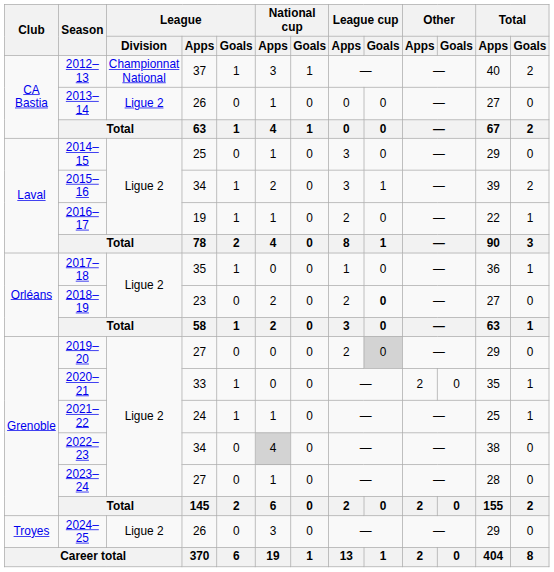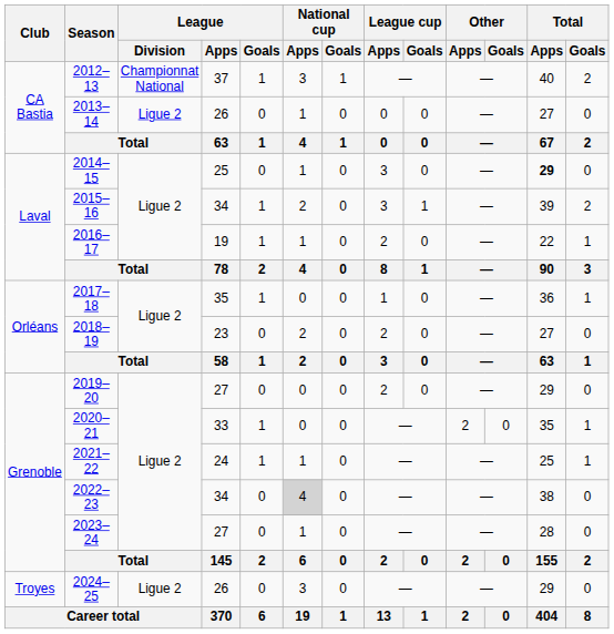 <table class="wikitable" style="text-align: center">
 <tr>
 <th rowspan="2">Club</th>
 <th rowspan="2">Season</th>
 <th colspan="3">League</th>
 <th colspan="2">National cup</th>
 <th colspan="2">League cup</th>
 <th colspan="2">Other</th>
 <th colspan="2">Total</th>
 </tr>
 <tr>
 <th>Division</th>
 <th>Apps</th>
 <th>Goals</th>
 <th>Apps</th>
 <th>Goals</th>
 <th>Apps</th>
 <th>Goals</th>
 <th>Apps</th>
 <th>Goals</th>
 <th>Apps</th>
 <th>Goals</th>
 </tr>
 <tr>
 <td rowspan="3"><a href='#'>CA Bastia</a></td>
 <td><a href='#'>2012–13</a></td>
 <td><a href='#'>Championnat National</a></td>
 <td>37</td>
 <td>1</td>
 <td>3</td>
 <td>1</td>
 <td colspan="2">—</td>
 <td colspan="2">—</td>
 <td>40</td>
 <td>2</td>
 </tr>
 <tr>
 <td><a href='#'>2013–14</a></td>
 <td><a href='#'>Ligue 2</a></td>
 <td>26</td>
 <td>0</td>
 <td>1</td>
 <td>0</td>
 <td>0</td>
 <td>0</td>
 <td colspan="2">—</td>
 <td>27</td>
 <td>0</td>
 </tr>
 <tr>
 <th colspan="2">Total</th>
 <th>63</th>
 <th>1</th>
 <th>4</th>
 <th>1</th>
 <th>0</th>
 <th>0</th>
 <th colspan="2">—</th>
 <th>67</th>
 <th>2</th>
 </tr>
 <tr>
 <td rowspan="4"><a href='#'>Laval</a></td>
 <td><a href='#'>2014–15</a></td>
 <td rowspan="3">Ligue 2</td>
 <td>25</td>
 <td>0</td>
 <td>1</td>
 <td>0</td>
 <td>3</td>
 <td>0</td>
 <td colspan="2">—</td>
-<td>29</td>
+<td><strong>29</strong></td>
 <td>0</td>
 </tr>
 <tr>
 <td><a href='#'>2015–16</a></td>
 <td>34</td>
 <td>1</td>
 <td>2</td>
 <td>0</td>
 <td>3</td>
 <td>1</td>
 <td colspan="2">—</td>
 <td>39</td>
 <td>2</td>
 </tr>
 <tr>
 <td><a href='#'>2016–17</a></td>
 <td>19</td>
 <td>1</td>
 <td>1</td>
 <td>0</td>
 <td>2</td>
 <td>0</td>
 <td colspan="2">—</td>
 <td>22</td>
 <td>1</td>
 </tr>
 <tr>
 <th colspan="2">Total</th>
 <th>78</th>
 <th>2</th>
 <th>4</th>
 <th>0</th>
 <th>8</th>
 <th>1</th>
 <th colspan="2">—</th>
 <th>90</th>
 <th>3</th>
 </tr>
 <tr>
 <td rowspan="3"><a href='#'>Orléans</a></td>
 <td><a href='#'>2017–18</a></td>
 <td rowspan="2">Ligue 2</td>
 <td>35</td>
 <td>1</td>
 <td>0</td>
 <td>0</td>
 <td>1</td>
 <td>0</td>
 <td colspan="2">—</td>
 <td>36</td>
 <td>1</td>
 </tr>
 <tr>
 <td><a href='#'>2018–19</a></td>
 <td>23</td>
 <td>0</td>
 <td>2</td>
 <td>0</td>
 <td>2</td>
-<td><strong>0</strong></td>
+<td>0</td>
 <td colspan="2">—</td>
 <td>27</td>
 <td>0</td>
 </tr>
 <tr>
 <th colspan="2">Total</th>
 <th>58</th>
 <th>1</th>
 <th>2</th>
 <th>0</th>
 <th>3</th>
 <th>0</th>
 <th colspan="2">—</th>
 <th>63</th>
 <th>1</th>
 </tr>
 <tr>
 <td rowspan="6"><a href='#'>Grenoble</a></td>
 <td><a href='#'>2019–20</a></td>
 <td rowspan="5">Ligue 2</td>
 <td>27</td>
 <td>0</td>
 <td>0</td>
 <td>0</td>
 <td>2</td>
-<td style="background: lightgrey;">0</td>
+<td>0</td>
 <td colspan="2">—</td>
 <td>29</td>
 <td>0</td>
 </tr>
 <tr>
 <td><a href='#'>2020–21</a></td>
 <td>33</td>
 <td>1</td>
 <td>0</td>
 <td>0</td>
 <td colspan="2">—</td>
 <td>2</td>
 <td>0</td>
 <td>35</td>
 <td>1</td>
 </tr>
 <tr>
 <td><a href='#'>2021–22</a></td>
 <td>24</td>
 <td>1</td>
 <td>1</td>
 <td>0</td>
 <td colspan="2">—</td>
 <td colspan="2">—</td>
 <td>25</td>
 <td>1</td>
 </tr>
 <tr>
 <td><a href='#'>2022–23</a></td>
 <td>34</td>
 <td>0</td>
 <td style="background: lightgrey;">4</td>
 <td>0</td>
 <td colspan="2">—</td>
 <td colspan="2">—</td>
 <td>38</td>
 <td>0</td>
 </tr>
 <tr>
 <td><a href='#'>2023–24</a></td>
 <td>27</td>
 <td>0</td>
 <td>1</td>
 <td>0</td>
 <td colspan="2">—</td>
 <td colspan="2">—</td>
 <td>28</td>
 <td>0</td>
 </tr>
 <tr>
 <th colspan="2">Total</th>
 <th>145</th>
 <th>2</th>
 <th>6</th>
 <th>0</th>
 <th>2</th>
 <th>0</th>
 <th>2</th>
 <th>0</th>
 <th>155</th>
 <th>2</th>
 </tr>
 <tr>
 <td><a href='#'>Troyes</a></td>
 <td><a href='#'>2024–25</a></td>
 <td>Ligue 2</td>
 <td>26</td>
 <td>0</td>
 <td>3</td>
 <td>0</td>
 <td colspan="2">—</td>
 <td colspan="2">—</td>
 <td>29</td>
 <td>0</td>
 </tr>
 <tr>
 <th colspan="3">Career total</th>
 <th>370</th>
 <th>6</th>
 <th>19</th>
 <th>1</th>
 <th>13</th>
 <th>1</th>
 <th>2</th>
 <th>0</th>
 <th>404</th>
 <th>8</th>
 </tr>
 </table>
